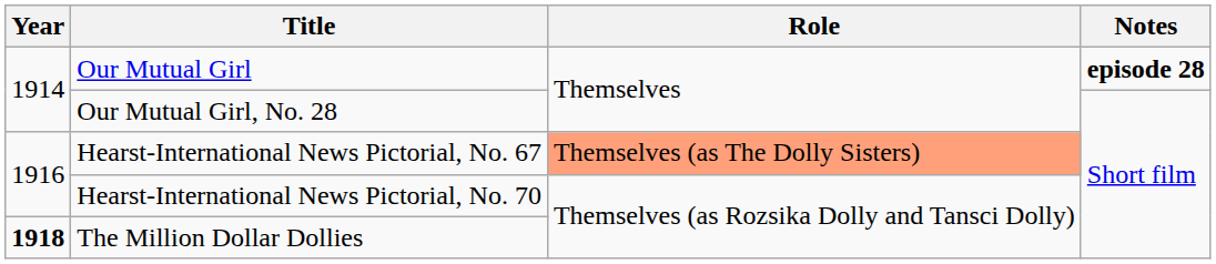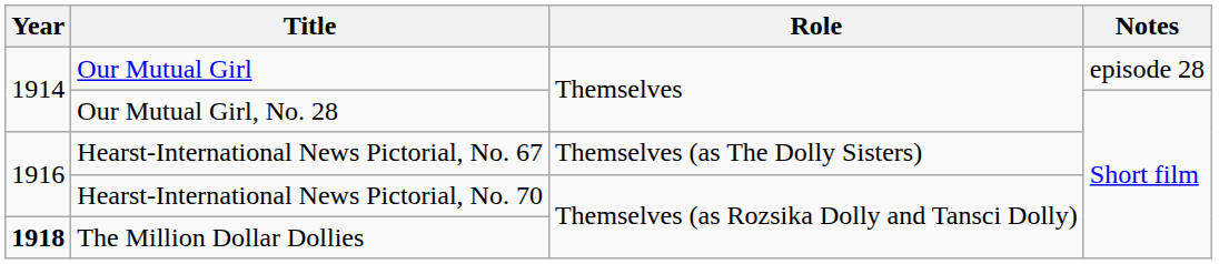 <table class="wikitable sortable">
 <tr>
 <th>Year</th>
 <th>Title</th>
 <th>Role</th>
 <th class="unsortable">Notes</th>
 </tr>
 <tr>
 <td rowspan="2">1914</td>
 <td><a href='#'>Our Mutual Girl</a></td>
 <td rowspan="2">Themselves</td>
-<td><strong>episode 28</strong></td>
+<td>episode 28</td>
 </tr>
 <tr>
 <td>Our Mutual Girl, No. 28</td>
 <td rowspan="4"><a href='#'>Short film</a></td>
 </tr>
 <tr>
 <td rowspan="2">1916</td>
 <td>Hearst-International News Pictorial, No. 67</td>
-<td style="background: lightsalmon;">Themselves (as The Dolly Sisters)</td>
+<td>Themselves (as The Dolly Sisters)</td>
 </tr>
 <tr>
 <td>Hearst-International News Pictorial, No. 70</td>
 <td rowspan="4">Themselves (as Rozsika Dolly and Tansci Dolly)</td>
 </tr>
 <tr>
 <td><strong>1918</strong></td>
 <td>The Million Dollar Dollies</td>
 </tr>
 </table>
